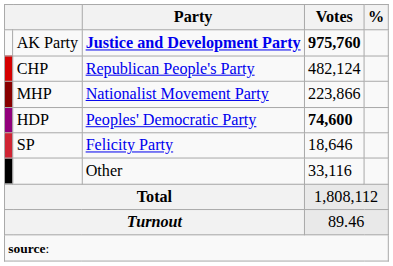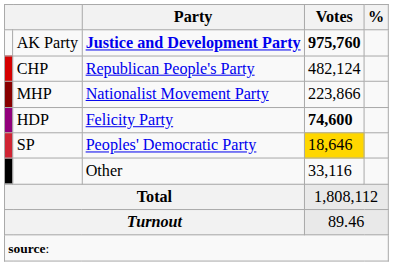 <table class="wikitable">
 <tr>
 <th colspan="2" align="center"></th>
 <th align="center">Party</th>
 <th align="center">Votes</th>
 <th align="center">%</th>
 </tr>
 <tr align="left">
 <td></td>
 <td>AK Party</td>
 <td><strong><a href='#'>Justice and Development Party</a></strong></td>
 <td><strong>975,760</strong></td>
 <td><strong></strong></td>
 </tr>
 <tr align="left">
 <td bgcolor="#d50000" width="1"></td>
 <td>CHP</td>
 <td><a href='#'>Republican People's Party</a></td>
 <td>482,124</td>
 <td></td>
 </tr>
 <tr align="left">
 <td bgcolor="#870000" width="1"></td>
 <td>MHP</td>
 <td><a href='#'>Nationalist Movement Party</a></td>
 <td>223,866</td>
 <td></td>
 </tr>
 <tr align="left">
 <td bgcolor="#91007B" width="1"></td>
 <td>HDP</td>
-<td><a href='#'>Peoples' Democratic Party</a></td>
+<td><a href='#'>Felicity Party</a></td>
 <td><strong>74,600</strong></td>
 <td></td>
 </tr>
 <tr align="left">
 <td bgcolor="#D02433" width="1"></td>
 <td>SP</td>
-<td><a href='#'>Felicity Party</a></td>
-<td>18,646</td>
+<td><a href='#'>Peoples' Democratic Party</a></td>
+<td style="background: gold;">18,646</td>
 <td></td>
 </tr>
 <tr align="left">
 <td bgcolor=" " width="1"></td>
 <td></td>
 <td>Other</td>
 <td>33,116</td>
 <td></td>
 </tr>
 <tr align="left" style="background-color:#E9E9E9">
 <th colspan="3" align="center"><strong>Total</strong></th>
 <td colspan="5" align="center">1,808,112</td>
 </tr>
 <tr align="left" style="background-color:#E9E9E9">
 <th colspan="3" align="center"><em>Turnout</em></th>
 <td colspan="5" align="center">89.46</td>
 </tr>
 <tr>
 <td colspan="9" align="left"><small><strong>source</strong>: </small></td>
 </tr>
 </table>
